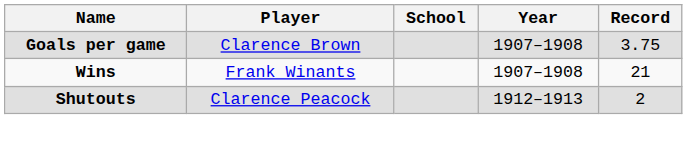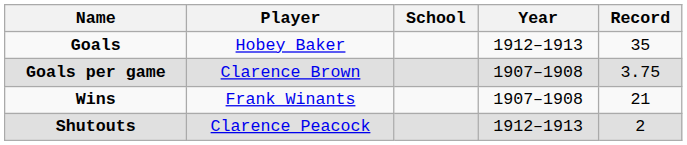 <table class="wikitable" width =60%>
 <tr>
 <th>Name</th>
 <th>Player</th>
 <th>School</th>
 <th>Year</th>
 <th>Record</th>
+</tr>
+<tr align=center>
+<td><strong>Goals</strong></td>
+<td><a href='#'>Hobey Baker</a></td>
+<td><strong><a href='#'></a></strong></td>
+<td>1912–1913</td>
+<td>35</td>
 </tr>
 <tr align=center bgcolor=e0e0e0>
 <td><strong>Goals per game</strong></td>
 <td><a href='#'>Clarence Brown</a></td>
 <td><strong><a href='#'></a></strong></td>
 <td>1907–1908</td>
 <td>3.75</td>
 </tr>
 <tr align=center>
 <td><strong>Wins</strong></td>
 <td><a href='#'>Frank Winants</a></td>
 <td><strong><a href='#'></a></strong></td>
 <td>1907–1908</td>
 <td>21</td>
 </tr>
 <tr align=center bgcolor=e0e0e0>
 <td><strong>Shutouts</strong></td>
 <td><a href='#'>Clarence Peacock</a></td>
 <td><strong><a href='#'></a></strong></td>
 <td>1912–1913</td>
 <td>2</td>
 </tr>
 </table>
